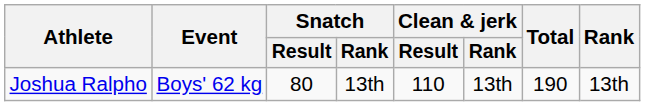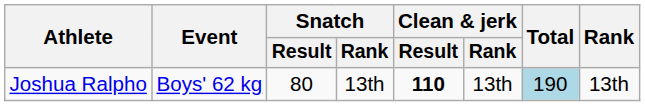 <table class=wikitable style="text-align:center; font-size:90%">
 <tr>
 <th rowspan="2">Athlete</th>
 <th rowspan="2">Event</th>
 <th colspan="2">Snatch</th>
 <th colspan="2">Clean & jerk</th>
 <th rowspan="2">Total</th>
 <th rowspan="2">Rank</th>
 </tr>
 <tr style="font-size:95%">
 <th>Result</th>
 <th>Rank</th>
 <th>Result</th>
 <th>Rank</th>
 </tr>
 <tr>
 <td><a href='#'>Joshua Ralpho</a></td>
 <td><a href='#'>Boys' 62 kg</a></td>
 <td>80</td>
 <td>13th</td>
-<td>110</td>
+<td><strong>110</strong></td>
 <td>13th</td>
-<td>190</td>
+<td style="background: lightblue;">190</td>
 <td>13th</td>
 </tr>
 </table>
